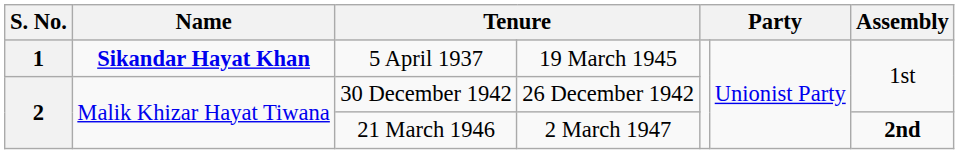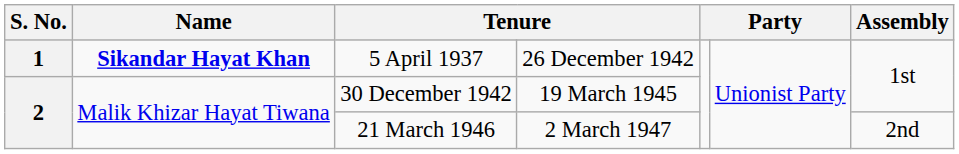 <table class="wikitable" style="text-align:center">
 <tr>
 <th>S. No.</th>
 <th>Name</th>
 <th colspan=2>Tenure</th>
 <th colspan=2>Party</th>
 <th>Assembly</th>
 </tr>
 <tr>
 <th>1</th>
 <td><strong><a href='#'>Sikandar Hayat Khan</a></strong></td>
 <td>5 April 1937</td>
-<td>19 March 1945</td>
+<td>26 December 1942</td>
 <td rowspan=3 style="background-color: "></td>
 <td rowspan=3><a href='#'>Unionist Party</a></td>
 <td rowspan=2>1st</td>
 </tr>
 <tr>
 <th rowspan=2>2</th>
 <td rowspan=2><a href='#'>Malik Khizar Hayat Tiwana</a></td>
 <td>30 December 1942</td>
-<td>26 December 1942</td>
+<td>19 March 1945</td>
 </tr>
 <tr>
 <td>21 March 1946</td>
 <td>2 March 1947</td>
-<td><strong>2nd</strong></td>
+<td>2nd</td>
 </tr>
 </table>
